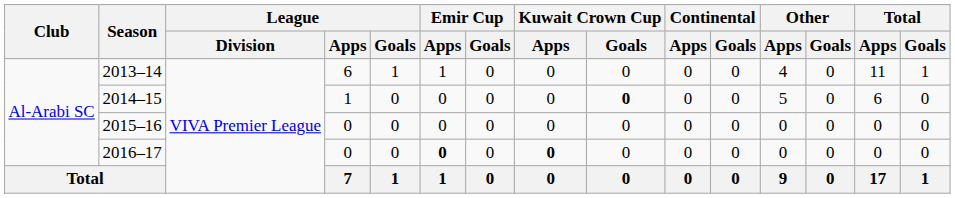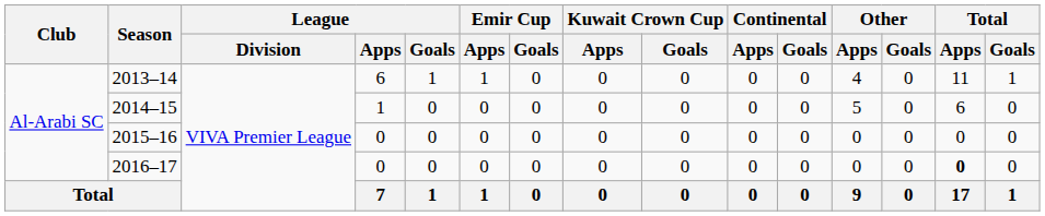 <table class="wikitable" style="text-align:center">
 <tr>
 <th rowspan="2">Club</th>
 <th rowspan="2">Season</th>
 <th colspan="3">League</th>
 <th colspan="2">Emir Cup</th>
 <th colspan="2">Kuwait Crown Cup</th>
 <th colspan="2">Continental</th>
 <th colspan="2">Other</th>
 <th colspan="2">Total</th>
 </tr>
 <tr>
 <th>Division</th>
 <th>Apps</th>
 <th>Goals</th>
 <th>Apps</th>
 <th>Goals</th>
 <th>Apps</th>
 <th>Goals</th>
 <th>Apps</th>
 <th>Goals</th>
 <th>Apps</th>
 <th>Goals</th>
 <th>Apps</th>
 <th>Goals</th>
 </tr>
 <tr>
 <td rowspan="4"><a href='#'>Al-Arabi SC</a></td>
 <td>2013–14</td>
 <td rowspan="5"><a href='#'>VIVA Premier League</a></td>
 <td>6</td>
 <td>1</td>
 <td>1</td>
 <td>0</td>
 <td>0</td>
 <td>0</td>
 <td>0</td>
 <td>0</td>
 <td>4</td>
 <td>0</td>
 <td>11</td>
 <td>1</td>
 </tr>
 <tr>
 <td>2014–15</td>
 <td>1</td>
 <td>0</td>
 <td>0</td>
 <td>0</td>
 <td>0</td>
-<td><strong>0</strong></td>
+<td>0</td>
 <td>0</td>
 <td>0</td>
 <td>5</td>
 <td>0</td>
 <td>6</td>
 <td>0</td>
 </tr>
 <tr>
 <td>2015–16</td>
 <td>0</td>
 <td>0</td>
 <td>0</td>
 <td>0</td>
 <td>0</td>
 <td>0</td>
 <td>0</td>
 <td>0</td>
 <td>0</td>
 <td>0</td>
 <td>0</td>
 <td>0</td>
 </tr>
 <tr>
 <td>2016–17</td>
 <td>0</td>
 <td>0</td>
-<td><strong>0</strong></td>
-<td>0</td>
-<td><strong>0</strong></td>
 <td>0</td>
 <td>0</td>
 <td>0</td>
 <td>0</td>
 <td>0</td>
 <td>0</td>
+<td>0</td>
+<td>0</td>
+<td><strong>0</strong></td>
 <td>0</td>
 </tr>
 <tr>
 <th colspan="2">Total</th>
 <th>7</th>
 <th>1</th>
 <th>1</th>
 <th>0</th>
 <th>0</th>
 <th>0</th>
 <th>0</th>
 <th>0</th>
 <th>9</th>
 <th>0</th>
 <th>17</th>
 <th>1</th>
 </tr>
 </table>
